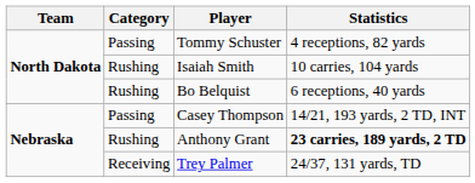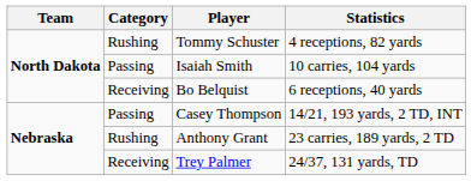 <table class="wikitable" style="float: right;">
 <tr>
 <th>Team</th>
 <th>Category</th>
 <th>Player</th>
 <th>Statistics</th>
 </tr>
 <tr>
 <td rowspan=3><strong>North Dakota</strong></td>
-<td>Passing</td>
+<td>Rushing</td>
 <td>Tommy Schuster</td>
 <td>4 receptions, 82 yards</td>
 </tr>
 <tr>
-<td>Rushing</td>
+<td>Passing</td>
 <td>Isaiah Smith</td>
 <td>10 carries, 104 yards</td>
 </tr>
 <tr>
-<td>Rushing</td>
+<td>Receiving</td>
 <td>Bo Belquist</td>
 <td>6 receptions, 40 yards</td>
 </tr>
 <tr>
 <td rowspan=3><strong>Nebraska</strong></td>
 <td>Passing</td>
 <td>Casey Thompson</td>
 <td>14/21, 193 yards, 2 TD, INT</td>
 </tr>
 <tr>
 <td>Rushing</td>
 <td>Anthony Grant</td>
-<td><strong>23 carries, 189 yards, 2 TD</strong></td>
+<td>23 carries, 189 yards, 2 TD</td>
 </tr>
 <tr>
 <td>Receiving</td>
 <td><a href='#'>Trey Palmer</a></td>
 <td>24/37, 131 yards, TD</td>
 </tr>
 </table>
